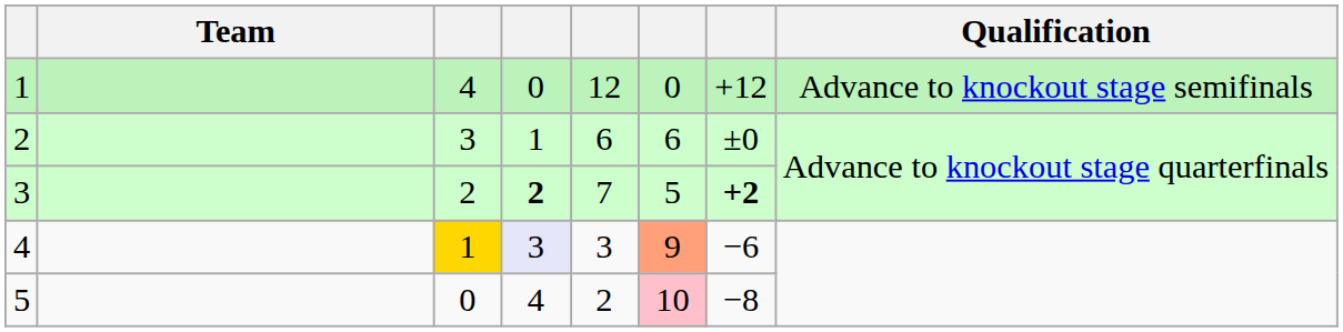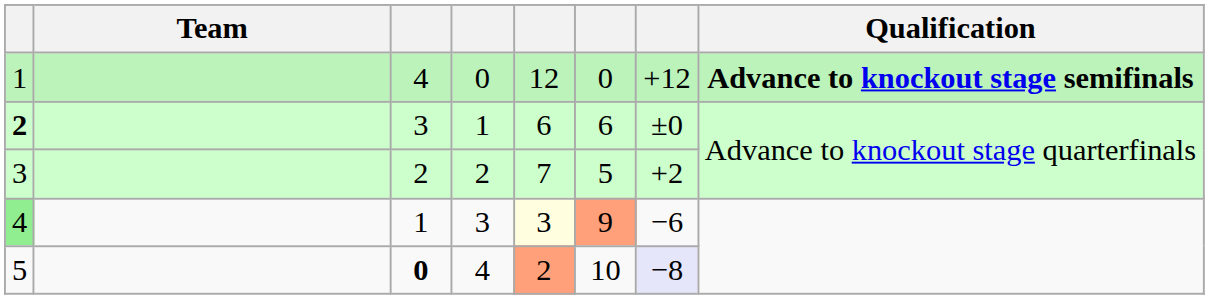 <table class=wikitable style="text-align:center;">
 <tr>
 <th></th>
 <th style="width:180px;">Team</th>
 <th style="width:25px;"></th>
 <th style="width:25px;"></th>
 <th style="width:25px;"></th>
 <th style="width:25px;"></th>
 <th style="width:25px;"></th>
 <th>Qualification</th>
 </tr>
 <tr style="background:#bbf3bb;">
 <td>1</td>
 <td align=left></td>
 <td>4</td>
 <td>0</td>
 <td>12</td>
 <td>0</td>
 <td>+12</td>
-<td>Advance to <a href='#'>knockout stage</a> semifinals</td>
+<td><strong>Advance to <a href='#'>knockout stage</a> semifinals</strong></td>
 </tr>
 <tr style="background:#cfc;">
-<td>2</td>
+<td><strong>2</strong></td>
 <td align=left></td>
 <td>3</td>
 <td>1</td>
 <td>6</td>
 <td>6</td>
 <td>±0</td>
 <td rowspan="2">Advance to <a href='#'>knockout stage</a> quarterfinals</td>
 </tr>
 <tr style="background:#cfc;">
 <td>3</td>
 <td align=left></td>
 <td>2</td>
-<td><strong>2</strong></td>
+<td>2</td>
 <td>7</td>
 <td>5</td>
-<td><strong>+2</strong></td>
+<td>+2</td>
 </tr>
 <tr>
-<td>4</td>
+<td style="background: lightgreen;">4</td>
 <td align=left></td>
-<td style="background: gold;">1</td>
-<td style="background: lavender;">3</td>
+<td>1</td>
 <td>3</td>
+<td style="background: lightyellow;">3</td>
 <td style="background: lightsalmon;">9</td>
 <td>−6</td>
 <td rowspan="2"></td>
 </tr>
 <tr>
 <td>5</td>
 <td align=left></td>
-<td>0</td>
+<td><strong>0</strong></td>
 <td>4</td>
-<td>2</td>
-<td style="background: pink;">10</td>
-<td>−8</td>
+<td style="background: lightsalmon;">2</td>
+<td>10</td>
+<td style="background: lavender;">−8</td>
 </tr>
 </table>
